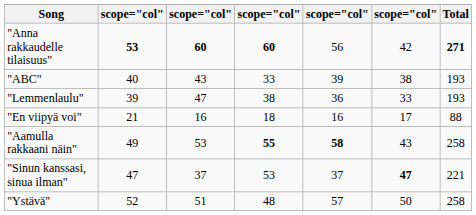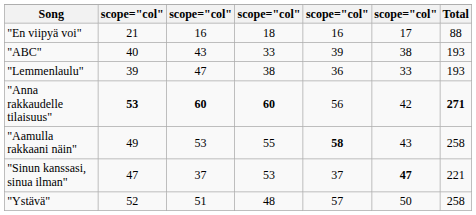 <table class="wikitable plainrowheaders" style="margin: 1em auto 1em auto; text-align:center;">
 <tr>
 </tr>
 <tr>
 <th scope="col">Song</th>
 <th>scope="col" </th>
 <th>scope="col" </th>
 <th>scope="col" </th>
 <th>scope="col" </th>
 <th>scope="col" </th>
 <th scope="col">Total</th>
 </tr>
 <tr>
-<td align="left">"Anna rakkaudelle tilaisuus"</td>
-<td><strong>53</strong></td>
-<td><strong>60</strong></td>
-<td><strong>60</strong></td>
-<td>56</td>
-<td>42</td>
-<td><strong>271</strong></td>
+<td align="left">"En viipyä voi"</td>
+<td>21</td>
+<td>16</td>
+<td>18</td>
+<td>16</td>
+<td>17</td>
+<td>88</td>
 </tr>
 <tr>
 <td align="left">"ABC"</td>
 <td>40</td>
 <td>43</td>
 <td>33</td>
 <td>39</td>
 <td>38</td>
 <td>193</td>
 </tr>
 <tr>
 <td align="left">"Lemmenlaulu"</td>
 <td>39</td>
 <td>47</td>
 <td>38</td>
 <td>36</td>
 <td>33</td>
 <td>193</td>
 </tr>
 <tr>
-<td align="left">"En viipyä voi"</td>
-<td>21</td>
-<td>16</td>
-<td>18</td>
-<td>16</td>
-<td>17</td>
-<td>88</td>
+<td align="left">"Anna rakkaudelle tilaisuus"</td>
+<td><strong>53</strong></td>
+<td><strong>60</strong></td>
+<td><strong>60</strong></td>
+<td>56</td>
+<td>42</td>
+<td><strong>271</strong></td>
 </tr>
 <tr>
 <td align="left">"Aamulla rakkaani näin"</td>
 <td>49</td>
 <td>53</td>
-<td><strong>55</strong></td>
+<td>55</td>
 <td><strong>58</strong></td>
 <td>43</td>
 <td>258</td>
 </tr>
 <tr>
 <td align="left">"Sinun kanssasi, sinua ilman"</td>
 <td>47</td>
 <td>37</td>
 <td>53</td>
 <td>37</td>
 <td><strong>47</strong></td>
 <td>221</td>
 </tr>
 <tr>
 <td align="left">"Ystävä"</td>
 <td>52</td>
 <td>51</td>
 <td>48</td>
 <td>57</td>
 <td>50</td>
 <td>258</td>
 </tr>
 </table>
